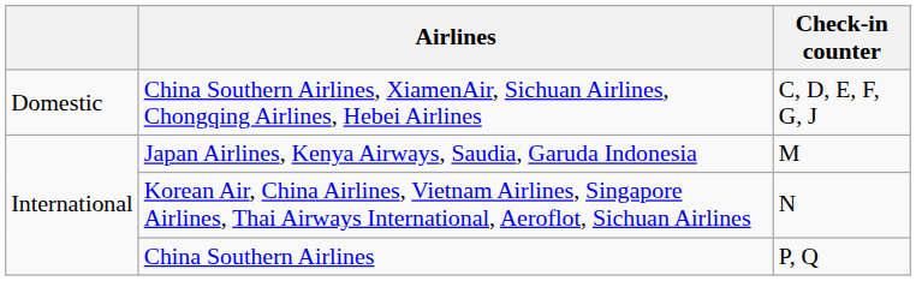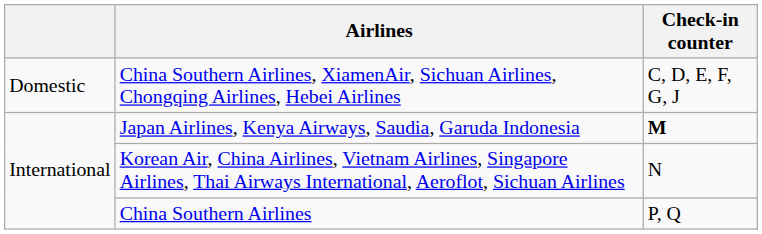 <table class="wikitable">
 <tr>
 <th></th>
 <th>Airlines</th>
 <th>Check-in counter</th>
 </tr>
 <tr>
 <td>Domestic</td>
 <td><a href='#'>China Southern Airlines</a>, <a href='#'>XiamenAir</a>, <a href='#'>Sichuan Airlines</a>, <a href='#'>Chongqing Airlines</a>, <a href='#'>Hebei Airlines</a></td>
 <td>C, D, E, F, G, J</td>
 </tr>
 <tr>
 <td rowspan="3">International</td>
 <td><a href='#'>Japan Airlines</a>, <a href='#'>Kenya Airways</a>, <a href='#'>Saudia</a>, <a href='#'>Garuda Indonesia</a></td>
-<td>M</td>
+<td><strong>M</strong></td>
 </tr>
 <tr>
 <td><a href='#'>Korean Air</a>, <a href='#'>China Airlines</a>, <a href='#'>Vietnam Airlines</a>, <a href='#'>Singapore Airlines</a>, <a href='#'>Thai Airways International</a>, <a href='#'>Aeroflot</a>, <a href='#'>Sichuan Airlines</a></td>
 <td>N</td>
 </tr>
 <tr>
 <td><a href='#'>China Southern Airlines</a></td>
 <td>P, Q</td>
 </tr>
 </table>
